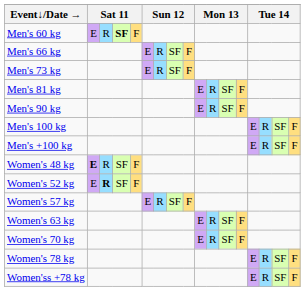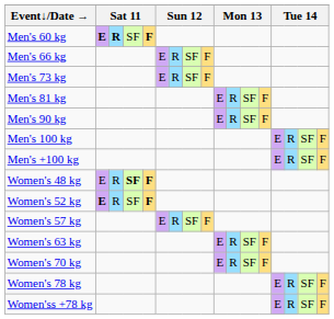 <table class="wikitable" style="margin:0.5em auto; font-size:90%; line-height:1.25em;">
 <tr>
 </tr>
 <tr style="text-align:center;">
 <th>Event↓/Date →</th>
 <th colspan="4">Sat 11</th>
 <th colspan="4">Sun 12</th>
 <th colspan="4">Mon 13</th>
 <th colspan="4">Tue 14</th>
 </tr>
 <tr style="text-align:center;">
 <td style="text-align:left;"><a href='#'>Men's 60 kg</a></td>
-<td style="background-color:#D0A9F5;">E</td>
-<td style="background-color:#97DEFF;">R</td>
-<td style="background-color:#D9FFB2;"><strong>SF</strong></td>
-<td style="background-color:#FFDF80;">F</td>
+<td style="background-color:#D0A9F5;"><strong>E</strong></td>
+<td style="background-color:#97DEFF;"><strong>R</strong></td>
+<td style="background-color:#D9FFB2;">SF</td>
+<td style="background-color:#FFDF80;"><strong>F</strong></td>
 <td colspan="4"></td>
 <td colspan="4"></td>
 <td colspan="4"></td>
 </tr>
 <tr style="text-align:center;">
 <td style="text-align:left;"><a href='#'>Men's 66 kg</a></td>
 <td colspan="4"></td>
 <td style="background-color:#D0A9F5;">E</td>
 <td style="background-color:#97DEFF;">R</td>
 <td style="background-color:#D9FFB2;">SF</td>
 <td style="background-color:#FFDF80;">F</td>
 <td colspan="4"></td>
 <td colspan="4"></td>
 </tr>
 <tr style="text-align:center;">
 <td style="text-align:left;"><a href='#'>Men's 73 kg</a></td>
 <td colspan="4"></td>
 <td style="background-color:#D0A9F5;">E</td>
 <td style="background-color:#97DEFF;">R</td>
 <td style="background-color:#D9FFB2;">SF</td>
 <td style="background-color:#FFDF80;">F</td>
 <td colspan="4"></td>
 <td colspan="4"></td>
 </tr>
 <tr style="text-align:center;">
 <td style="text-align:left;"><a href='#'>Men's 81 kg</a></td>
 <td colspan="4"></td>
 <td colspan="4"></td>
 <td style="background-color:#D0A9F5;">E</td>
 <td style="background-color:#97DEFF;">R</td>
 <td style="background-color:#D9FFB2;">SF</td>
 <td style="background-color:#FFDF80;">F</td>
 <td colspan="4"></td>
 </tr>
 <tr style="text-align:center;">
 <td style="text-align:left;"><a href='#'>Men's 90 kg</a></td>
 <td colspan="4"></td>
 <td colspan="4"></td>
 <td style="background-color:#D0A9F5;">E</td>
 <td style="background-color:#97DEFF;">R</td>
 <td style="background-color:#D9FFB2;">SF</td>
 <td style="background-color:#FFDF80;">F</td>
 <td colspan="4"></td>
 </tr>
 <tr style="text-align:center;">
 <td style="text-align:left;"><a href='#'>Men's 100 kg</a></td>
 <td colspan="4"></td>
 <td colspan="4"></td>
 <td colspan="4"></td>
 <td style="background-color:#D0A9F5;">E</td>
 <td style="background-color:#97DEFF;">R</td>
 <td style="background-color:#D9FFB2;">SF</td>
 <td style="background-color:#FFDF80;">F</td>
 </tr>
 <tr style="text-align:center;">
 <td style="text-align:left;"><a href='#'>Men's +100 kg</a></td>
 <td colspan="4"></td>
 <td colspan="4"></td>
 <td colspan="4"></td>
 <td style="background-color:#D0A9F5;">E</td>
 <td style="background-color:#97DEFF;">R</td>
 <td style="background-color:#D9FFB2;">SF</td>
 <td style="background-color:#FFDF80;">F</td>
 </tr>
 <tr style="text-align:center;">
 <td style="text-align:left;"><a href='#'>Women's 48 kg</a></td>
-<td style="background-color:#D0A9F5;"><strong>E</strong></td>
+<td style="background-color:#D0A9F5;">E</td>
 <td style="background-color:#97DEFF;">R</td>
-<td style="background-color:#D9FFB2;">SF</td>
-<td style="background-color:#FFDF80;">F</td>
+<td style="background-color:#D9FFB2;"><strong>SF</strong></td>
+<td style="background-color:#FFDF80;"><strong>F</strong></td>
 <td colspan="4"></td>
 <td colspan="4"></td>
 <td colspan="4"></td>
 </tr>
 <tr style="text-align:center;">
 <td style="text-align:left;"><a href='#'>Women's 52 kg</a></td>
-<td style="background-color:#D0A9F5;">E</td>
-<td style="background-color:#97DEFF;"><strong>R</strong></td>
+<td style="background-color:#D0A9F5;"><strong>E</strong></td>
+<td style="background-color:#97DEFF;">R</td>
 <td style="background-color:#D9FFB2;">SF</td>
-<td style="background-color:#FFDF80;">F</td>
+<td style="background-color:#FFDF80;"><strong>F</strong></td>
 <td colspan="4"></td>
 <td colspan="4"></td>
 <td colspan="4"></td>
 </tr>
 <tr style="text-align:center;">
 <td style="text-align:left;"><a href='#'>Women's 57 kg</a></td>
 <td colspan="4"></td>
 <td style="background-color:#D0A9F5;">E</td>
 <td style="background-color:#97DEFF;">R</td>
 <td style="background-color:#D9FFB2;">SF</td>
 <td style="background-color:#FFDF80;">F</td>
 <td colspan="4"></td>
 <td colspan="4"></td>
 </tr>
 <tr style="text-align:center;">
 <td style="text-align:left;"><a href='#'>Women's 63 kg</a></td>
 <td colspan="4"></td>
 <td colspan="4"></td>
 <td style="background-color:#D0A9F5;">E</td>
 <td style="background-color:#97DEFF;">R</td>
 <td style="background-color:#D9FFB2;">SF</td>
 <td style="background-color:#FFDF80;">F</td>
 <td colspan="4"></td>
 </tr>
 <tr style="text-align:center;">
 <td style="text-align:left;"><a href='#'>Women's 70 kg</a></td>
 <td colspan="4"></td>
 <td colspan="4"></td>
 <td style="background-color:#D0A9F5;">E</td>
 <td style="background-color:#97DEFF;">R</td>
 <td style="background-color:#D9FFB2;">SF</td>
 <td style="background-color:#FFDF80;">F</td>
 <td colspan="4"></td>
 </tr>
 <tr style="text-align:center;">
 <td style="text-align:left;"><a href='#'>Women's 78 kg</a></td>
 <td colspan="4"></td>
 <td colspan="4"></td>
 <td colspan="4"></td>
 <td style="background-color:#D0A9F5;">E</td>
 <td style="background-color:#97DEFF;">R</td>
 <td style="background-color:#D9FFB2;">SF</td>
 <td style="background-color:#FFDF80;">F</td>
 </tr>
 <tr style="text-align:center;">
 <td style="text-align:left;"><a href='#'>Women'ss +78 kg</a></td>
 <td colspan="4"></td>
 <td colspan="4"></td>
 <td colspan="4"></td>
 <td style="background-color:#D0A9F5;">E</td>
 <td style="background-color:#97DEFF;">R</td>
 <td style="background-color:#D9FFB2;">SF</td>
 <td style="background-color:#FFDF80;">F</td>
 </tr>
 </table>
